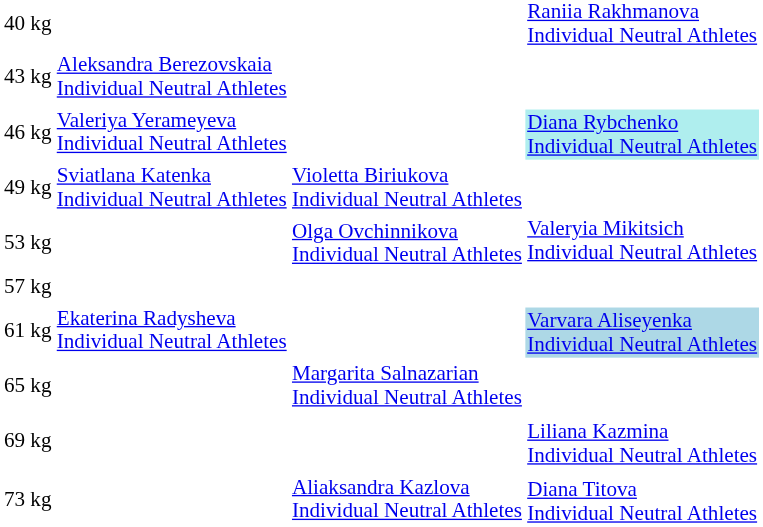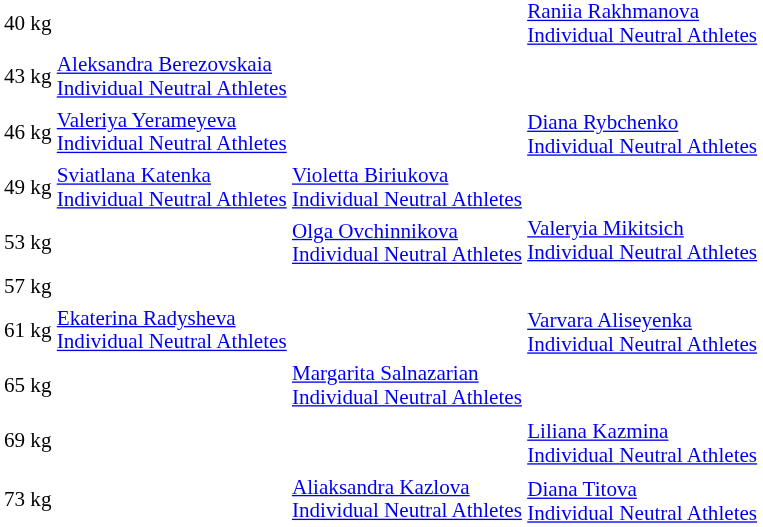 <table>
 <tr>
 <td>40 kg</td>
 <td></td>
 <td></td>
 <td><a href='#'>Raniia Rakhmanova</a><br> <a href='#'>Individual Neutral Athletes</a></td>
 </tr>
 <tr>
 <td rowspan=2>43 kg</td>
 <td rowspan=2><a href='#'>Aleksandra Berezovskaia</a><br> <a href='#'>Individual Neutral Athletes</a></td>
 <td rowspan=2></td>
 <td></td>
 </tr>
 <tr>
 <td></td>
 </tr>
 <tr>
 <td rowspan=2>46 kg</td>
 <td rowspan=2><a href='#'>Valeriya Yerameyeva</a><br> <a href='#'>Individual Neutral Athletes</a></td>
 <td rowspan=2></td>
 <td></td>
 </tr>
 <tr>
-<td style="background: paleturquoise;"><a href='#'>Diana Rybchenko</a><br> <a href='#'>Individual Neutral Athletes</a></td>
+<td><a href='#'>Diana Rybchenko</a><br> <a href='#'>Individual Neutral Athletes</a></td>
 </tr>
 <tr>
 <td rowspan=2>49 kg</td>
 <td rowspan=2><a href='#'>Sviatlana Katenka</a><br> <a href='#'>Individual Neutral Athletes</a></td>
 <td rowspan=2><a href='#'>Violetta Biriukova</a><br> <a href='#'>Individual Neutral Athletes</a></td>
 <td></td>
 </tr>
 <tr>
 <td></td>
 </tr>
 <tr>
 <td rowspan=2>53 kg</td>
 <td rowspan=2></td>
 <td rowspan=2><a href='#'>Olga Ovchinnikova</a><br> <a href='#'>Individual Neutral Athletes</a></td>
 <td><a href='#'>Valeryia Mikitsich</a><br> <a href='#'>Individual Neutral Athletes</a></td>
 </tr>
 <tr>
 <td></td>
 </tr>
 <tr>
 <td rowspan=2>57 kg</td>
 <td rowspan=2></td>
 <td rowspan=2></td>
 <td></td>
 </tr>
 <tr>
 <td></td>
 </tr>
 <tr>
 <td rowspan=2>61 kg</td>
 <td rowspan=2><a href='#'>Ekaterina Radysheva</a><br> <a href='#'>Individual Neutral Athletes</a></td>
 <td rowspan=2></td>
 <td></td>
 </tr>
 <tr>
-<td style="background: lightblue;"><a href='#'>Varvara Aliseyenka</a><br> <a href='#'>Individual Neutral Athletes</a></td>
+<td><a href='#'>Varvara Aliseyenka</a><br> <a href='#'>Individual Neutral Athletes</a></td>
 </tr>
 <tr>
 <td rowspan=2>65 kg</td>
 <td rowspan=2></td>
 <td rowspan=2><a href='#'>Margarita Salnazarian</a><br> <a href='#'>Individual Neutral Athletes</a></td>
 <td></td>
 </tr>
 <tr>
 <td></td>
 </tr>
 <tr>
 <td rowspan=2>69 kg</td>
 <td rowspan=2></td>
 <td rowspan=2></td>
 <td></td>
 </tr>
 <tr>
 <td><a href='#'>Liliana Kazmina</a><br> <a href='#'>Individual Neutral Athletes</a></td>
 </tr>
 <tr>
 <td rowspan=2>73 kg</td>
 <td rowspan=2></td>
 <td rowspan=2><a href='#'>Aliaksandra Kazlova</a><br> <a href='#'>Individual Neutral Athletes</a></td>
 <td></td>
 </tr>
 <tr>
 <td><a href='#'>Diana Titova</a><br> <a href='#'>Individual Neutral Athletes</a></td>
 </tr>
 </table>
